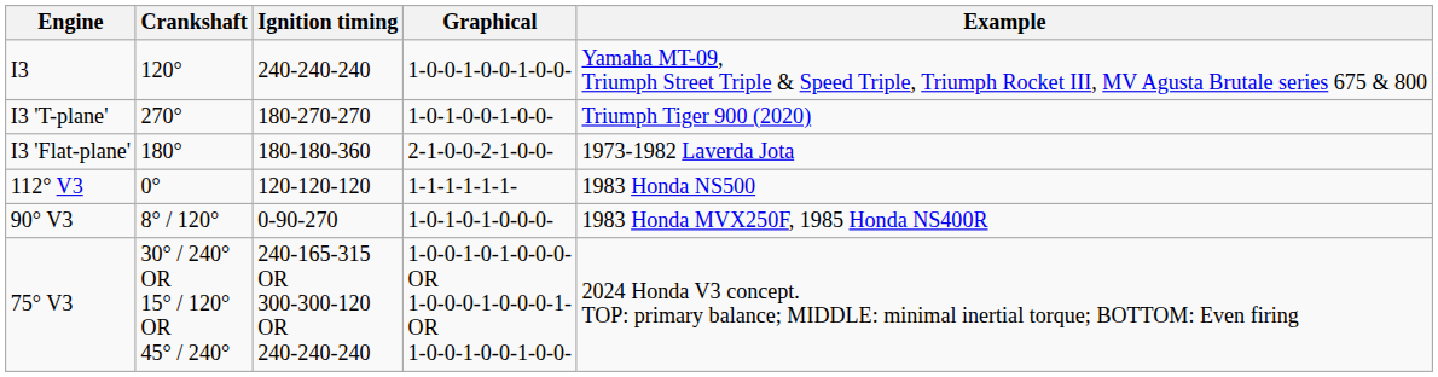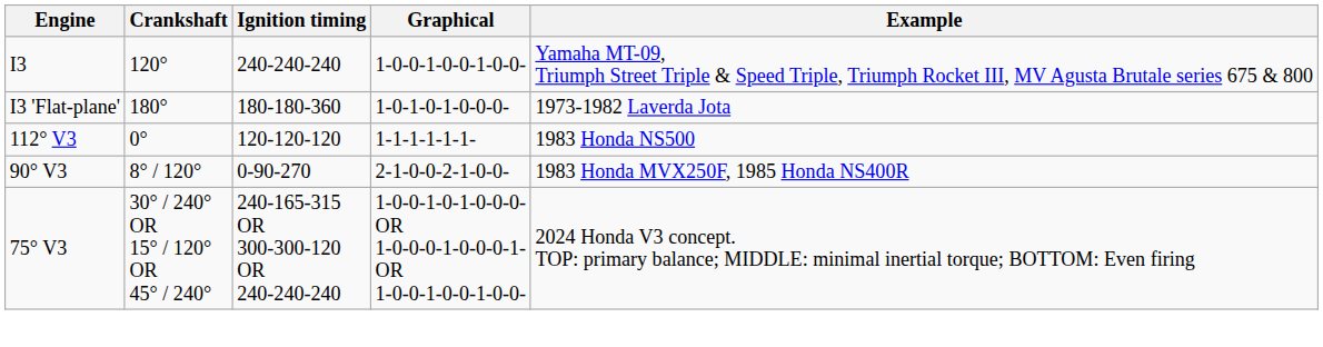 <table class="wikitable">
 <tr>
 <th>Engine</th>
 <th>Crankshaft</th>
 <th>Ignition timing</th>
 <th>Graphical</th>
 <th>Example</th>
 </tr>
 <tr>
 <td>I3</td>
 <td>120°</td>
 <td>240-240-240</td>
 <td>1-0-0-1-0-0-1-0-0-</td>
 <td><a href='#'>Yamaha MT-09</a>,<br><a href='#'>Triumph Street Triple</a> & <a href='#'>Speed Triple</a>,  <a href='#'>Triumph Rocket III</a>,  <a href='#'>MV Agusta Brutale series</a> 675 & 800</td>
 </tr>
 <tr>
-<td>I3 'T-plane'</td>
-<td>270°</td>
-<td>180-270-270</td>
-<td>1-0-1-0-0-1-0-0-</td>
-<td><a href='#'>Triumph Tiger 900 (2020)</a></td>
-</tr>
-<tr>
 <td>I3 'Flat-plane'</td>
 <td>180°</td>
 <td>180-180-360</td>
-<td>2-1-0-0-2-1-0-0-</td>
+<td>1-0-1-0-1-0-0-0-</td>
 <td>1973-1982 <a href='#'>Laverda Jota</a></td>
 </tr>
 <tr>
 <td>112° <a href='#'>V3</a></td>
 <td>0°</td>
 <td>120-120-120</td>
 <td>1-1-1-1-1-1-</td>
 <td>1983 <a href='#'>Honda NS500</a></td>
 </tr>
 <tr>
 <td>90° V3</td>
 <td>8° / 120°</td>
 <td>0-90-270</td>
-<td>1-0-1-0-1-0-0-0-</td>
+<td>2-1-0-0-2-1-0-0-</td>
 <td>1983 <a href='#'>Honda MVX250F</a>, 1985 <a href='#'>Honda NS400R</a></td>
 </tr>
 <tr>
 <td>75° V3</td>
 <td>30° / 240° <br> OR <br> 15° / 120° <br> OR <br> 45° / 240°</td>
 <td>240-165-315 <br> OR <br> 300-300-120 <br> OR <br> 240-240-240</td>
 <td>1-0-0-1-0-1-0-0-0- <br>OR<br> 1-0-0-0-1-0-0-0-1- <br> OR <br> 1-0-0-1-0-0-1-0-0-</td>
 <td>2024 Honda V3 concept.  <br> TOP: primary balance; MIDDLE: minimal inertial torque; BOTTOM: Even firing</td>
 </tr>
 </table>
